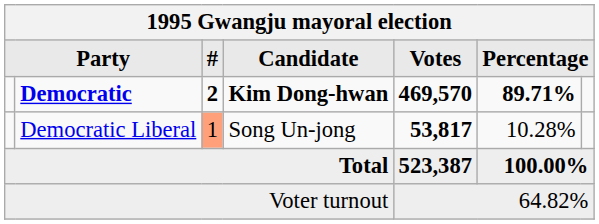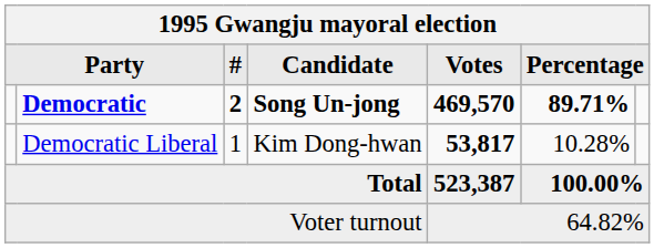 <table class="wikitable">
 <tr>
 <th colspan="7">1995 Gwangju mayoral election</th>
 </tr>
 <tr>
 <th style="background-color:#E9E9E9" colspan=2>Party</th>
 <th style="background-color:#E9E9E9">#</th>
 <th style="background-color:#E9E9E9">Candidate</th>
 <th style="background-color:#E9E9E9">Votes</th>
 <th style="background-color:#E9E9E9" colspan=2>Percentage</th>
 </tr>
 <tr style="font-weight:bold">
 <td></td>
 <td align=left><a href='#'>Democratic</a></td>
 <td align=center>2</td>
-<td align=left>Kim Dong-hwan</td>
+<td align=left>Song Un-jong</td>
 <td align=right>469,570</td>
 <td align=right>89.71%</td>
 <td align=right></td>
 </tr>
 <tr>
 <td></td>
 <td align=left><a href='#'>Democratic Liberal</a></td>
-<td align=center style="background: lightsalmon;">1</td>
-<td align=left>Song Un-jong</td>
+<td align=center>1</td>
+<td align=left>Kim Dong-hwan</td>
 <td align=right><strong>53,817</strong></td>
 <td align=right>10.28%</td>
 <td align=right></td>
 </tr>
 <tr bgcolor="#EEEEEE" style="font-weight:bold">
 <td colspan="4" align=right>Total</td>
 <td align=right>523,387</td>
 <td align=right colspan=2>100.00%</td>
 </tr>
 <tr bgcolor="#EEEEEE">
 <td colspan="4" align="right">Voter turnout</td>
 <td colspan="3" align="right">64.82%</td>
 </tr>
 </table>
